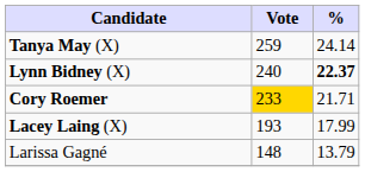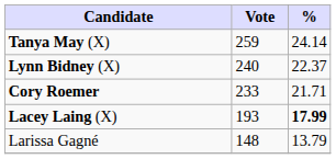 <table class="wikitable">
 <tr>
 <th style="background:#ddf; width:225px;">Candidate</th>
 <th style="background:#ddf; width:50px;">Vote</th>
 <th style="background:#ddf; width:30px;">%</th>
 </tr>
 <tr>
 <td><strong>Tanya May</strong> (X)</td>
 <td>259</td>
 <td>24.14</td>
 </tr>
 <tr>
 <td><strong>Lynn Bidney</strong> (X)</td>
 <td>240</td>
-<td><strong>22.37</strong></td>
+<td>22.37</td>
 </tr>
 <tr>
 <td><strong>Cory Roemer</strong></td>
-<td style="background: gold;">233</td>
+<td>233</td>
 <td>21.71</td>
 </tr>
 <tr>
 <td><strong>Lacey Laing</strong> (X)</td>
 <td>193</td>
-<td>17.99</td>
+<td><strong>17.99</strong></td>
 </tr>
 <tr>
 <td>Larissa Gagné</td>
 <td>148</td>
 <td>13.79</td>
 </tr>
 <tr>
 </tr>
 </table>
